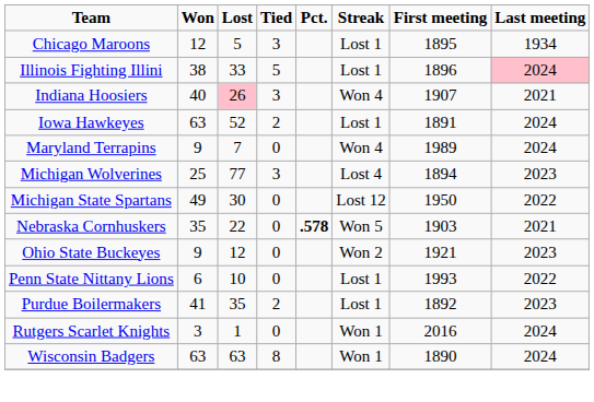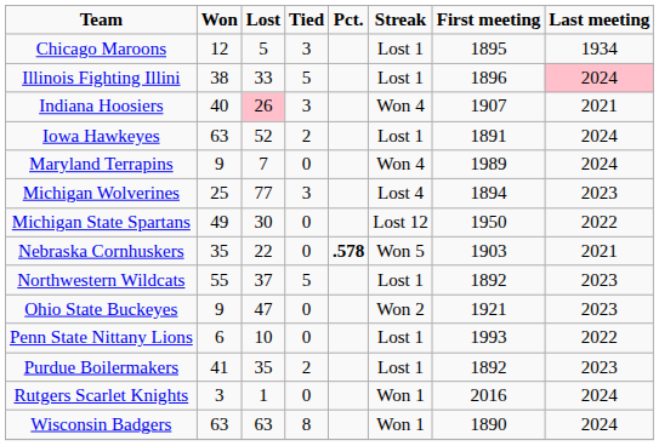 <table class="wikitable" style="text-align:center">
 <tr>
 <td><strong>Team</strong></td>
 <td><strong>Won</strong></td>
 <td><strong>Lost</strong></td>
 <td><strong>Tied</strong></td>
 <td><strong>Pct.</strong></td>
 <td><strong>Streak</strong></td>
 <td><strong>First meeting</strong></td>
 <td><strong>Last meeting</strong></td>
 </tr>
 <tr>
 <td><a href='#'>Chicago Maroons</a></td>
 <td>12</td>
 <td>5</td>
 <td>3</td>
 <td></td>
 <td>Lost 1</td>
 <td>1895</td>
 <td>1934</td>
 </tr>
 <tr>
 <td><a href='#'>Illinois Fighting Illini</a></td>
 <td>38</td>
 <td>33</td>
 <td>5</td>
 <td></td>
 <td>Lost 1</td>
 <td>1896</td>
 <td style="background: pink;">2024</td>
 </tr>
 <tr>
 <td><a href='#'>Indiana Hoosiers</a></td>
 <td>40</td>
 <td style="background: pink;">26</td>
 <td>3</td>
 <td></td>
 <td>Won 4</td>
 <td>1907</td>
 <td>2021</td>
 </tr>
 <tr>
 <td><a href='#'>Iowa Hawkeyes</a></td>
 <td>63</td>
 <td>52</td>
 <td>2</td>
 <td></td>
 <td>Lost 1</td>
 <td>1891</td>
 <td>2024</td>
 </tr>
 <tr>
 <td><a href='#'>Maryland Terrapins</a></td>
 <td>9</td>
 <td>7</td>
 <td>0</td>
 <td></td>
 <td>Won 4</td>
 <td>1989</td>
 <td>2024</td>
 </tr>
 <tr>
 <td><a href='#'>Michigan Wolverines</a></td>
 <td>25</td>
 <td>77</td>
 <td>3</td>
 <td></td>
 <td>Lost 4</td>
 <td>1894</td>
 <td>2023</td>
 </tr>
 <tr>
 <td><a href='#'>Michigan State Spartans</a></td>
 <td>49</td>
 <td>30</td>
 <td>0</td>
 <td></td>
 <td>Lost 12</td>
 <td>1950</td>
 <td>2022</td>
 </tr>
 <tr>
 <td><a href='#'>Nebraska Cornhuskers</a></td>
 <td>35</td>
 <td>22</td>
 <td>0</td>
 <td><strong>.578</strong></td>
 <td>Won 5</td>
 <td>1903</td>
 <td>2021</td>
 </tr>
 <tr>
+<td><a href='#'>Northwestern Wildcats</a></td>
+<td>55</td>
+<td>37</td>
+<td>5</td>
+<td></td>
+<td>Lost 1</td>
+<td>1892</td>
+<td>2023</td>
+</tr>
+<tr>
 <td><a href='#'>Ohio State Buckeyes</a></td>
 <td>9</td>
-<td>12</td>
+<td>47</td>
 <td>0</td>
 <td></td>
 <td>Won 2</td>
 <td>1921</td>
 <td>2023</td>
 </tr>
 <tr>
 <td><a href='#'>Penn State Nittany Lions</a></td>
 <td>6</td>
 <td>10</td>
 <td>0</td>
 <td></td>
 <td>Lost 1</td>
 <td>1993</td>
 <td>2022</td>
 </tr>
 <tr>
 <td><a href='#'>Purdue Boilermakers</a></td>
 <td>41</td>
 <td>35</td>
 <td>2</td>
 <td></td>
 <td>Lost 1</td>
 <td>1892</td>
 <td>2023</td>
 </tr>
 <tr>
 <td><a href='#'>Rutgers Scarlet Knights</a></td>
 <td>3</td>
 <td>1</td>
 <td>0</td>
 <td></td>
 <td>Won 1</td>
 <td>2016</td>
 <td>2024</td>
 </tr>
 <tr>
 <td><a href='#'>Wisconsin Badgers</a></td>
 <td>63</td>
 <td>63</td>
 <td>8</td>
 <td></td>
 <td>Won 1</td>
 <td>1890</td>
 <td>2024</td>
 </tr>
 <tr>
 </tr>
 </table>
